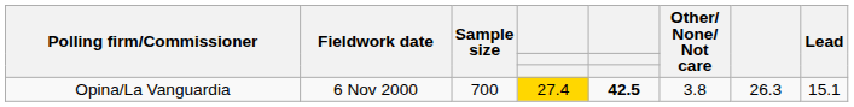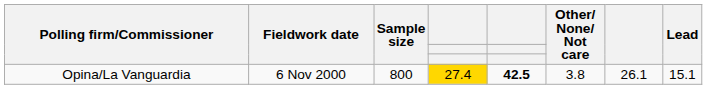 <table class="wikitable collapsible collapsed" style="text-align:center; font-size:90%; line-height:14px;">
 <tr style="height:42px;">
 <th style="width:250px;" rowspan="3">Polling firm/Commissioner</th>
 <th style="width:125px;" rowspan="3">Fieldwork date</th>
 <th style="width:50px;" rowspan="3">Sample size</th>
 <th style="width:55px;"></th>
 <th style="width:55px;"></th>
 <th style="width:55px;" rowspan="3">Other/<br>None/<br>Not<br>care</th>
 <th style="width:55px;" rowspan="3"></th>
 <th style="width:30px;" rowspan="3">Lead</th>
 </tr>
 <tr>
 <th style="color:inherit;background:"></th>
 <th style="color:inherit;background:"></th>
 </tr>
 <tr>
 <th></th>
 <th></th>
 </tr>
 <tr>
 <td>Opina/La Vanguardia</td>
 <td>6 Nov 2000</td>
-<td>700</td>
+<td>800</td>
 <td style="background: gold;">27.4</td>
 <td><strong>42.5</strong></td>
 <td>3.8</td>
-<td>26.3</td>
+<td>26.1</td>
 <td style="background:">15.1</td>
 </tr>
 </table>
